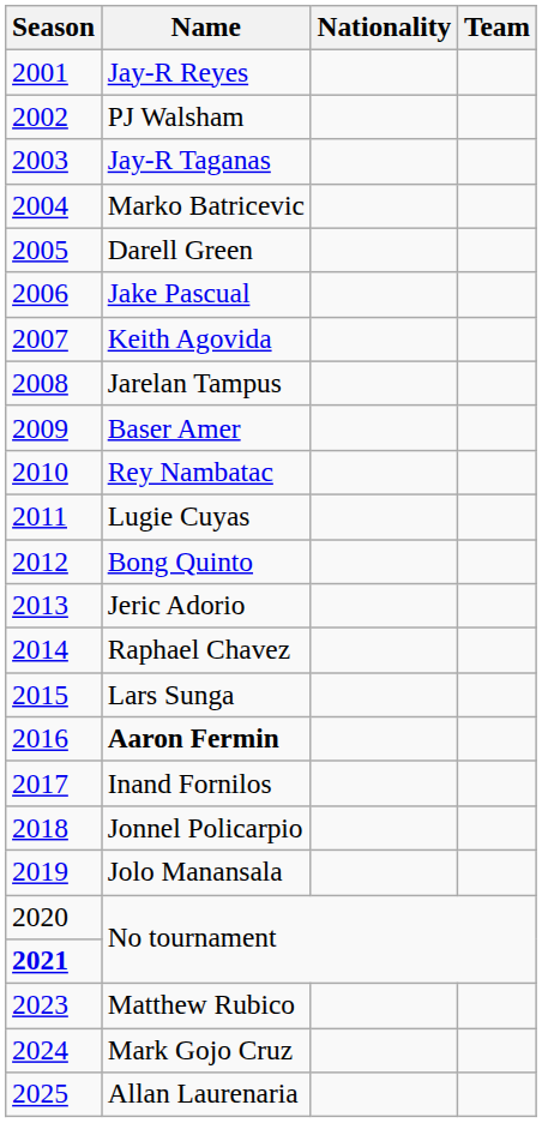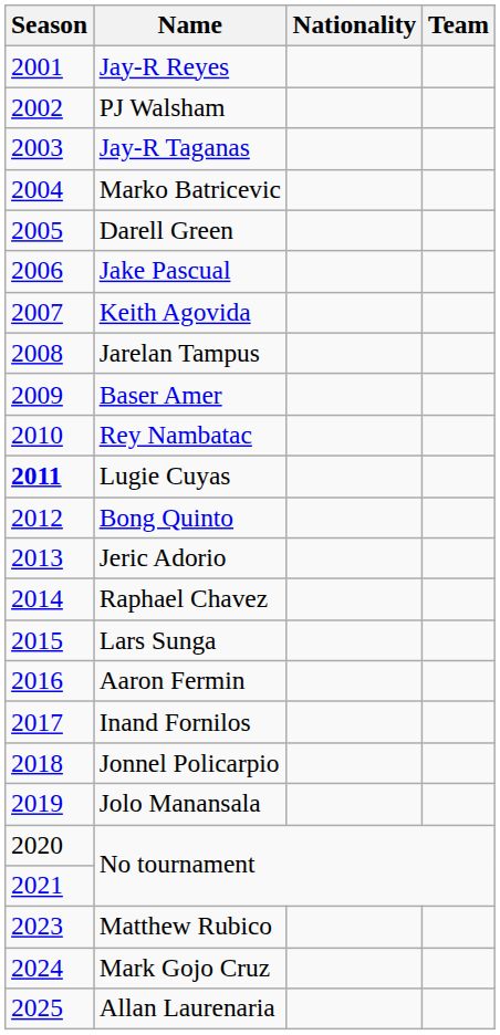 <table class="wikitable">
 <tr>
 <th>Season</th>
 <th>Name</th>
 <th>Nationality</th>
 <th>Team</th>
 </tr>
 <tr>
 <td><a href='#'>2001</a></td>
 <td><a href='#'>Jay-R Reyes</a></td>
 <td></td>
 <td></td>
 </tr>
 <tr>
 <td><a href='#'>2002</a></td>
 <td>PJ Walsham</td>
 <td></td>
 <td></td>
 </tr>
 <tr>
 <td><a href='#'>2003</a></td>
 <td><a href='#'>Jay-R Taganas</a></td>
 <td></td>
 <td></td>
 </tr>
 <tr>
 <td><a href='#'>2004</a></td>
 <td>Marko Batricevic</td>
 <td></td>
 <td></td>
 </tr>
 <tr>
 <td><a href='#'>2005</a></td>
 <td>Darell Green</td>
 <td></td>
 <td></td>
 </tr>
 <tr>
 <td><a href='#'>2006</a></td>
 <td><a href='#'>Jake Pascual</a></td>
 <td></td>
 <td></td>
 </tr>
 <tr>
 <td><a href='#'>2007</a></td>
 <td><a href='#'>Keith Agovida</a></td>
 <td></td>
 <td></td>
 </tr>
 <tr>
 <td><a href='#'>2008</a></td>
 <td>Jarelan Tampus</td>
 <td></td>
 <td></td>
 </tr>
 <tr>
 <td><a href='#'>2009</a></td>
 <td><a href='#'>Baser Amer</a></td>
 <td></td>
 <td></td>
 </tr>
 <tr>
 <td><a href='#'>2010</a></td>
 <td><a href='#'>Rey Nambatac</a></td>
 <td></td>
 <td></td>
 </tr>
 <tr>
-<td><a href='#'>2011</a></td>
+<td><strong><a href='#'>2011</a></strong></td>
 <td>Lugie Cuyas</td>
 <td></td>
 <td></td>
 </tr>
 <tr>
 <td><a href='#'>2012</a></td>
 <td><a href='#'>Bong Quinto</a></td>
 <td></td>
 <td></td>
 </tr>
 <tr>
 <td><a href='#'>2013</a></td>
 <td>Jeric Adorio</td>
 <td></td>
 <td></td>
 </tr>
 <tr>
 <td><a href='#'>2014</a></td>
 <td>Raphael Chavez</td>
 <td></td>
 <td></td>
 </tr>
 <tr>
 <td><a href='#'>2015</a></td>
 <td>Lars Sunga</td>
 <td></td>
 <td></td>
 </tr>
 <tr>
 <td><a href='#'>2016</a></td>
-<td><strong>Aaron Fermin</strong></td>
+<td>Aaron Fermin</td>
 <td></td>
 <td></td>
 </tr>
 <tr>
 <td><a href='#'>2017</a></td>
 <td>Inand Fornilos</td>
 <td></td>
 <td></td>
 </tr>
 <tr>
 <td><a href='#'>2018</a></td>
 <td>Jonnel Policarpio</td>
 <td></td>
 <td></td>
 </tr>
 <tr>
 <td><a href='#'>2019</a></td>
 <td>Jolo Manansala</td>
 <td></td>
 <td></td>
 </tr>
 <tr>
 <td>2020</td>
 <td colspan="3" rowspan="2">No tournament</td>
 </tr>
 <tr>
-<td><strong><a href='#'>2021</a></strong></td>
+<td><a href='#'>2021</a></td>
 </tr>
 <tr>
 <td><a href='#'>2023</a></td>
 <td>Matthew Rubico</td>
 <td></td>
 <td></td>
 </tr>
 <tr>
 <td><a href='#'>2024</a></td>
 <td>Mark Gojo Cruz</td>
 <td></td>
 <td></td>
 </tr>
 <tr>
 <td><a href='#'>2025</a></td>
 <td>Allan Laurenaria</td>
 <td></td>
 <td></td>
 </tr>
 </table>
